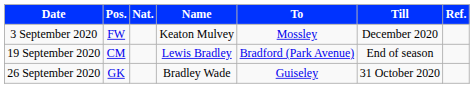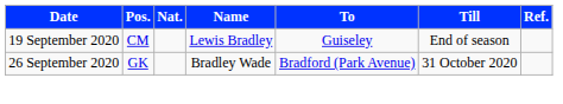 <table class="wikitable"  style="text-align:center; font-size:90%; ">
 <tr>
 <th style="background:#03f;color:#fff;">Date</th>
 <th style="background:#03f;color:#fff;">Pos.</th>
 <th style="background:#03f;color:#fff;">Nat.</th>
 <th style="background:#03f;color:#fff;">Name</th>
 <th style="background:#03f;color:#fff;">To</th>
 <th style="background:#03f;color:#fff;">Till</th>
 <th style="background:#03f;color:#fff;">Ref.</th>
 </tr>
 <tr>
-<td>3 September 2020</td>
-<td><a href='#'>FW</a></td>
-<td></td>
-<td>Keaton Mulvey</td>
-<td> <a href='#'>Mossley</a></td>
-<td>December 2020</td>
-<td></td>
-</tr>
-<tr>
 <td>19 September 2020</td>
 <td><a href='#'>CM</a></td>
 <td></td>
 <td><a href='#'>Lewis Bradley</a></td>
-<td> <a href='#'>Bradford (Park Avenue)</a></td>
+<td> <a href='#'>Guiseley</a></td>
 <td>End of season</td>
 <td></td>
 </tr>
 <tr>
 <td>26 September 2020</td>
 <td><a href='#'>GK</a></td>
 <td></td>
 <td>Bradley Wade</td>
-<td> <a href='#'>Guiseley</a></td>
+<td> <a href='#'>Bradford (Park Avenue)</a></td>
 <td>31 October 2020</td>
 <td></td>
 </tr>
 </table>
